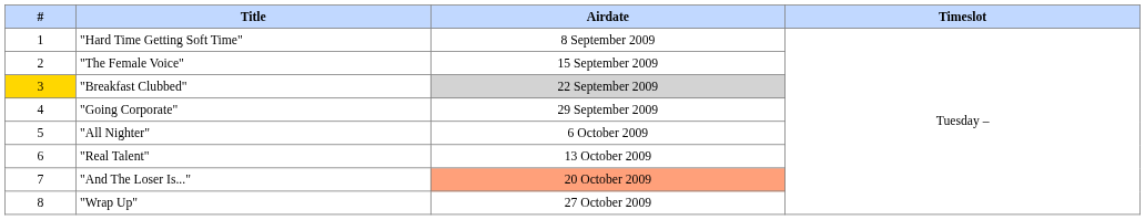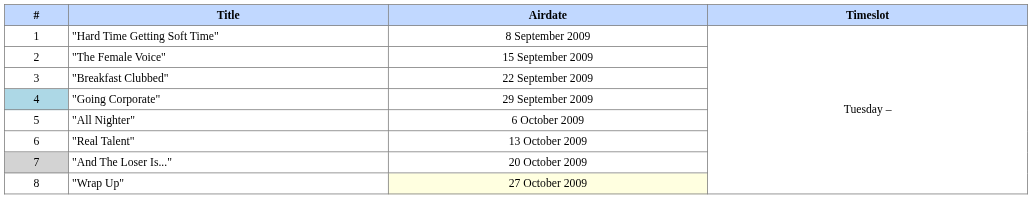 <table border="1" cellpadding="4" cellspacing="0" style="text-align:center; font-size:90%; border-collapse:collapse;">
 <tr style="background:#C1D8FF;">
 <th width=2%>#</th>
 <th width=10%>Title</th>
 <th width=10%>Airdate</th>
 <th width=10%>Timeslot</th>
 </tr>
 <tr>
 <td>1</td>
 <td align=left>"Hard Time Getting Soft Time"</td>
 <td>8 September 2009</td>
 <td rowspan=8>Tuesday –</td>
 </tr>
 <tr>
 <td>2</td>
 <td align=left>"The Female Voice"</td>
 <td>15 September 2009</td>
 </tr>
 <tr>
-<td style="background: gold;">3</td>
+<td>3</td>
 <td align=left>"Breakfast Clubbed"</td>
-<td style="background: lightgrey;">22 September 2009</td>
+<td>22 September 2009</td>
 </tr>
 <tr>
-<td>4</td>
+<td style="background: lightblue;">4</td>
 <td align=left>"Going Corporate"</td>
 <td>29 September 2009</td>
 </tr>
 <tr>
 <td>5</td>
 <td align=left>"All Nighter"</td>
 <td>6 October 2009</td>
 </tr>
 <tr>
 <td>6</td>
 <td align=left>"Real Talent"</td>
 <td>13 October 2009</td>
 </tr>
 <tr>
-<td>7</td>
+<td style="background: lightgrey;">7</td>
 <td align=left>"And The Loser Is..."</td>
-<td style="background: lightsalmon;">20 October 2009</td>
+<td>20 October 2009</td>
 </tr>
 <tr>
 <td>8</td>
 <td align=left>"Wrap Up"</td>
-<td>27 October 2009</td>
+<td style="background: lightyellow;">27 October 2009</td>
 </tr>
 </table>
